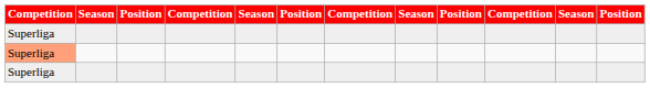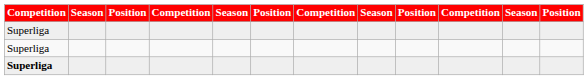 <table class="wikitable">
 <tr style="color:white;">
 <th style=" %; background:#FF0000;">Competition</th>
 <th style=" %; background:#FF0000;">Season</th>
 <th style=" %; background:#FF0000;">Position</th>
 <th style=" %; background:#FF0000;">Competition</th>
 <th style=" %; background:#FF0000;">Season</th>
 <th style=" %; background:#FF0000;">Position</th>
 <th style=" %; background:#FF0000;">Competition</th>
 <th style=" %; background:#FF0000;">Season</th>
 <th style=" %; background:#FF0000;">Position</th>
 <th style=" %; background:#FF0000;">Competition</th>
 <th style=" %; background:#FF0000;">Season</th>
 <th style=" %; background:#FF0000;">Position</th>
 </tr>
 <tr bgcolor="#EFEFEF">
 <td>Superliga</td>
 <td></td>
 <td></td>
 <td></td>
 <td></td>
 <td></td>
 <td></td>
 <td></td>
 <td></td>
 <td></td>
 <td></td>
 <td></td>
 </tr>
 <tr>
-<td style="background: lightsalmon;">Superliga</td>
+<td>Superliga</td>
 <td></td>
 <td></td>
 <td></td>
 <td></td>
 <td></td>
 <td></td>
 <td></td>
 <td></td>
 <td></td>
 <td></td>
 <td></td>
 </tr>
 <tr bgcolor="#EFEFEF">
-<td>Superliga</td>
+<td><strong>Superliga</strong></td>
 <td></td>
 <td></td>
 <td></td>
 <td></td>
 <td></td>
 <td></td>
 <td></td>
 <td></td>
 <td></td>
 <td></td>
 <td></td>
 </tr>
 </table>
